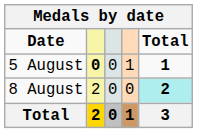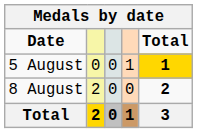 <table class="wikitable" style="font-size:85%">
 <tr bgcolor="#efefef">
 <th colspan=6>Medals by date</th>
 </tr>
 <tr align=center>
 <td><strong>Date</strong></td>
 <td bgcolor=#f7f6a8></td>
 <td bgcolor=#dce5e5></td>
 <td bgcolor=#ffdab9></td>
 <td><strong>Total</strong></td>
 </tr>
 <tr align=center>
 <td>5 August</td>
-<td style="background:#F7F6A8;"><strong>0</strong></td>
+<td style="background:#F7F6A8;">0</td>
 <td style="background:#DCE5E5;">0</td>
 <td style="background:#FFDAB9;">1</td>
-<td><strong>1</strong></td>
+<td style="background: gold;"><strong>1</strong></td>
 </tr>
 <tr align=center>
 <td>8 August</td>
 <td style="background:#F7F6A8;">2</td>
 <td style="background:#DCE5E5;">0</td>
 <td style="background:#FFDAB9;">0</td>
-<td style="background: paleturquoise;"><strong>2</strong></td>
+<td><strong>2</strong></td>
 </tr>
 <tr align=center>
 <th>Total</th>
 <th style="background:gold;">2</th>
 <th style="background:silver;">0</th>
 <th style="background:#c96;">1</th>
 <th>3</th>
 </tr>
 </table>
